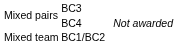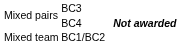 <table>
 <tr>
 <td rowspan=2>Mixed pairs</td>
 <td>BC3</td>
 <td></td>
 <td></td>
 <td></td>
 </tr>
 <tr>
 <td>BC4</td>
 <td></td>
 <td></td>
-<td><em>Not awarded</em></td>
+<td><strong><em>Not awarded</em></strong></td>
 </tr>
 <tr>
 <td>Mixed team</td>
 <td>BC1/BC2</td>
 <td></td>
 <td></td>
 <td></td>
 </tr>
 </table>
